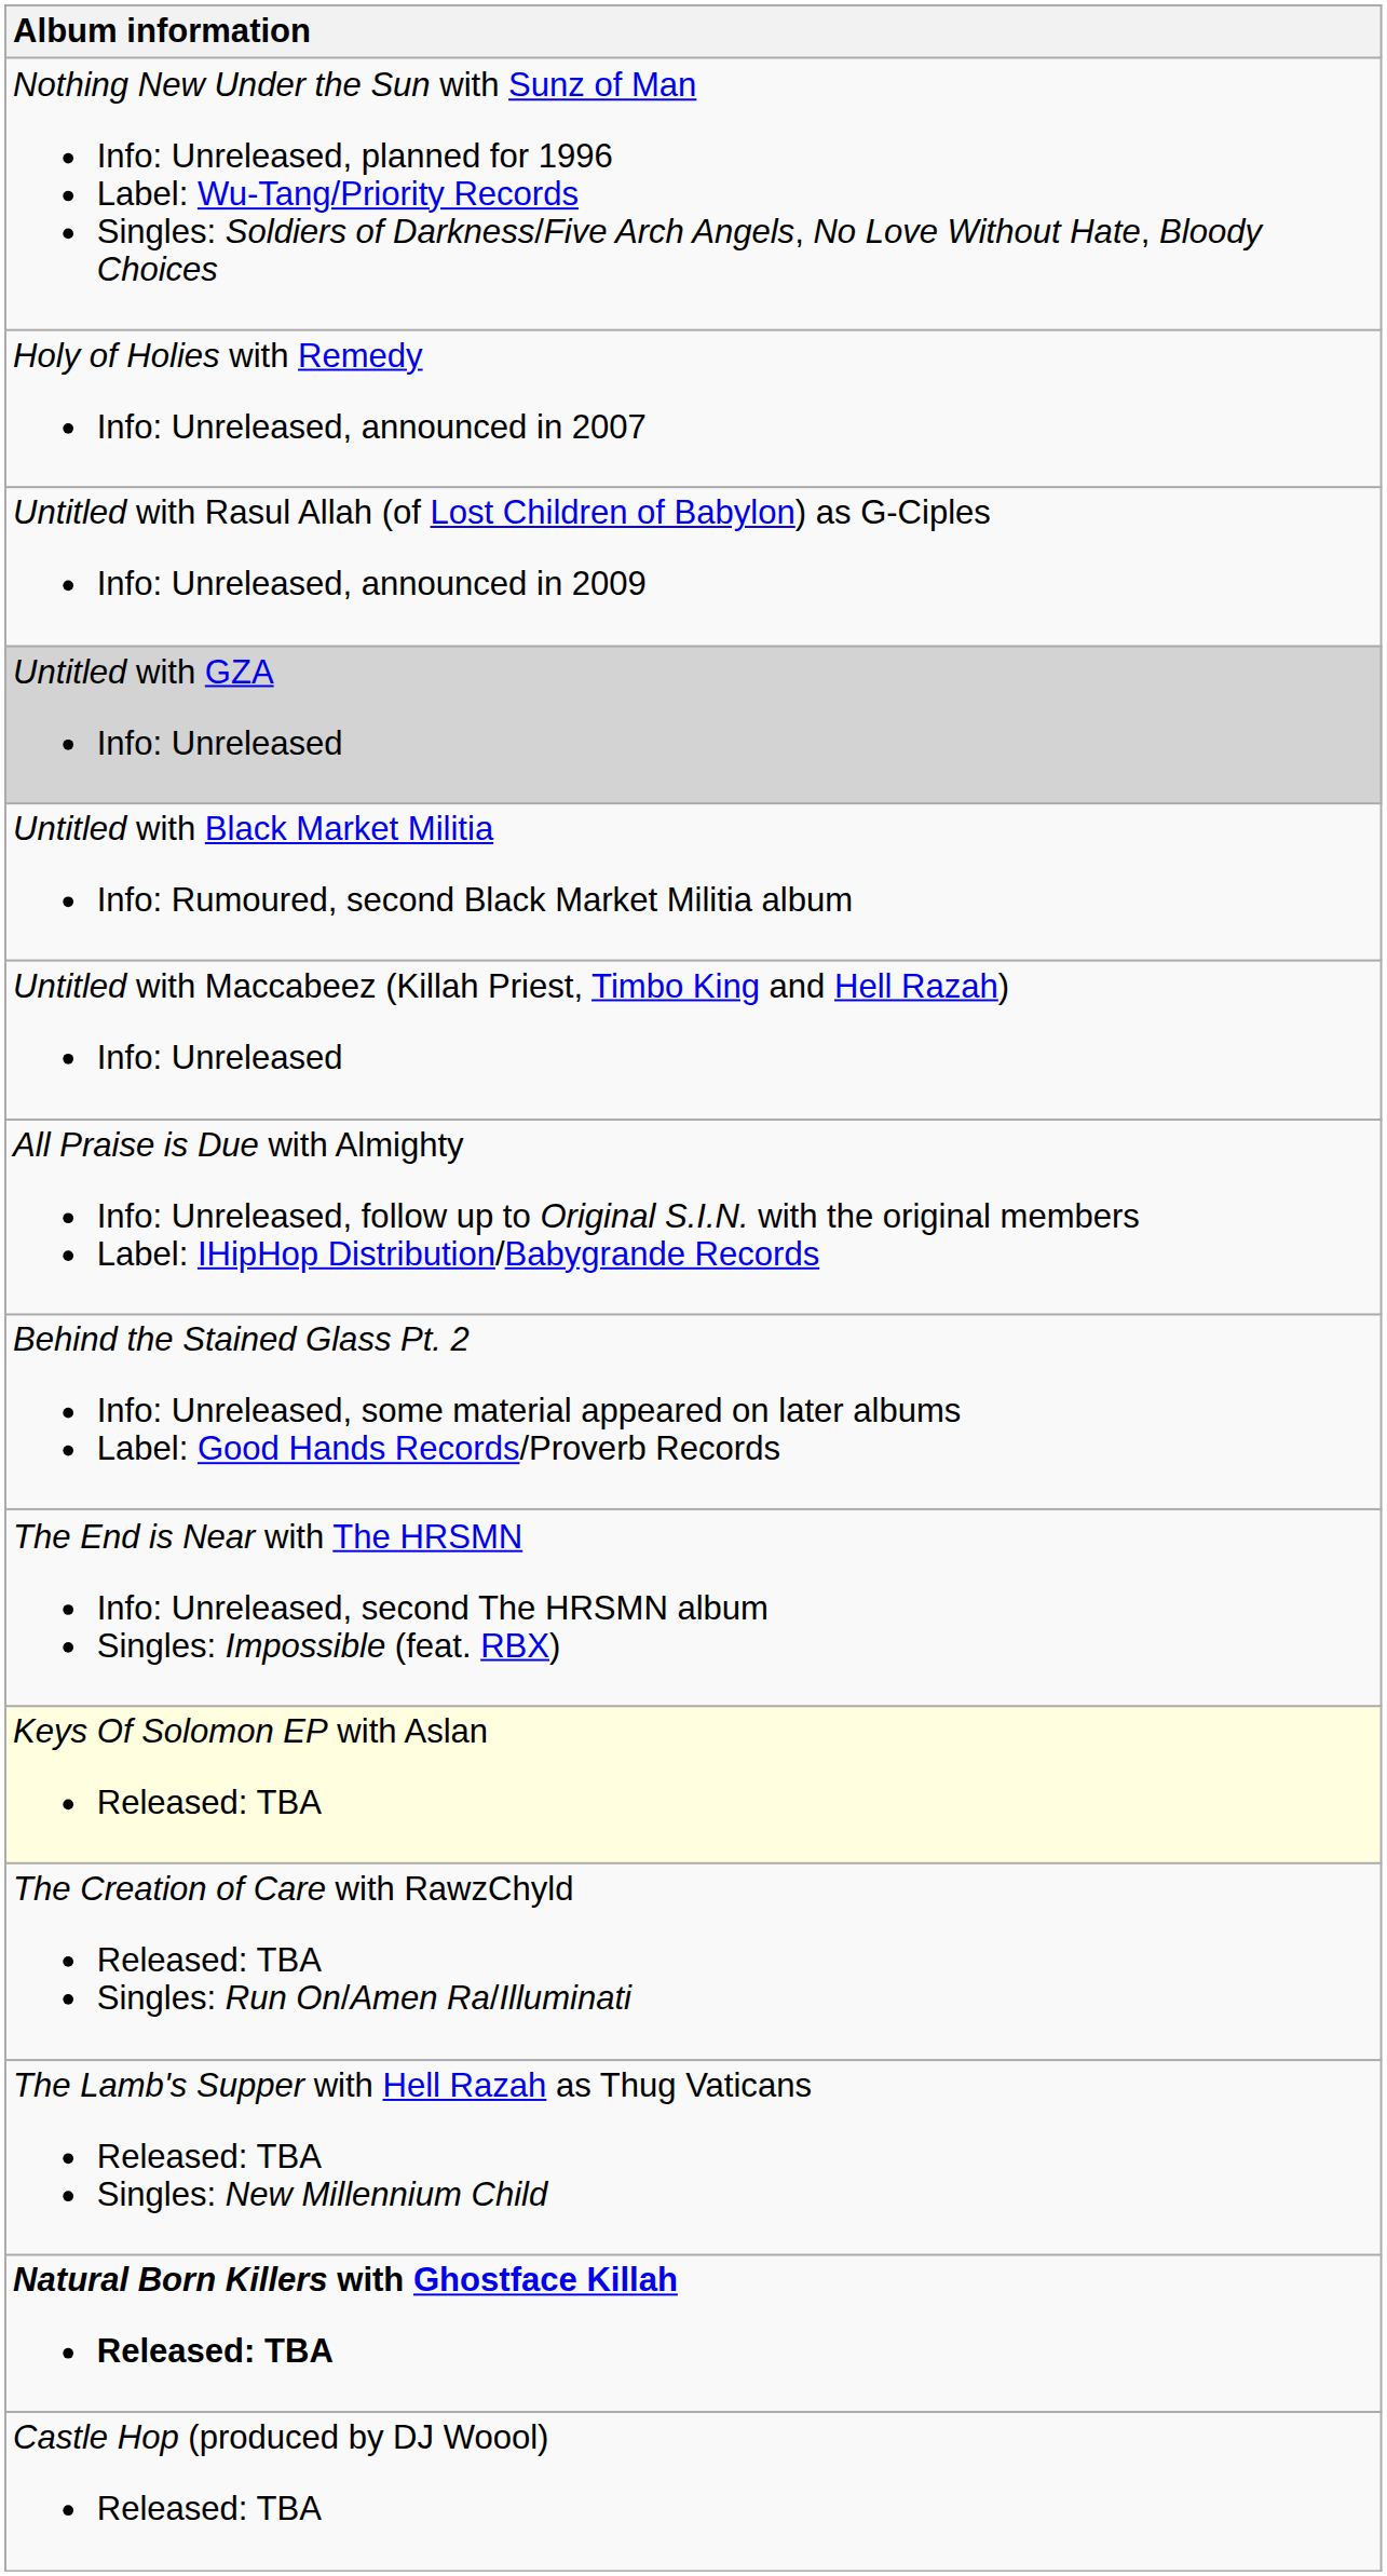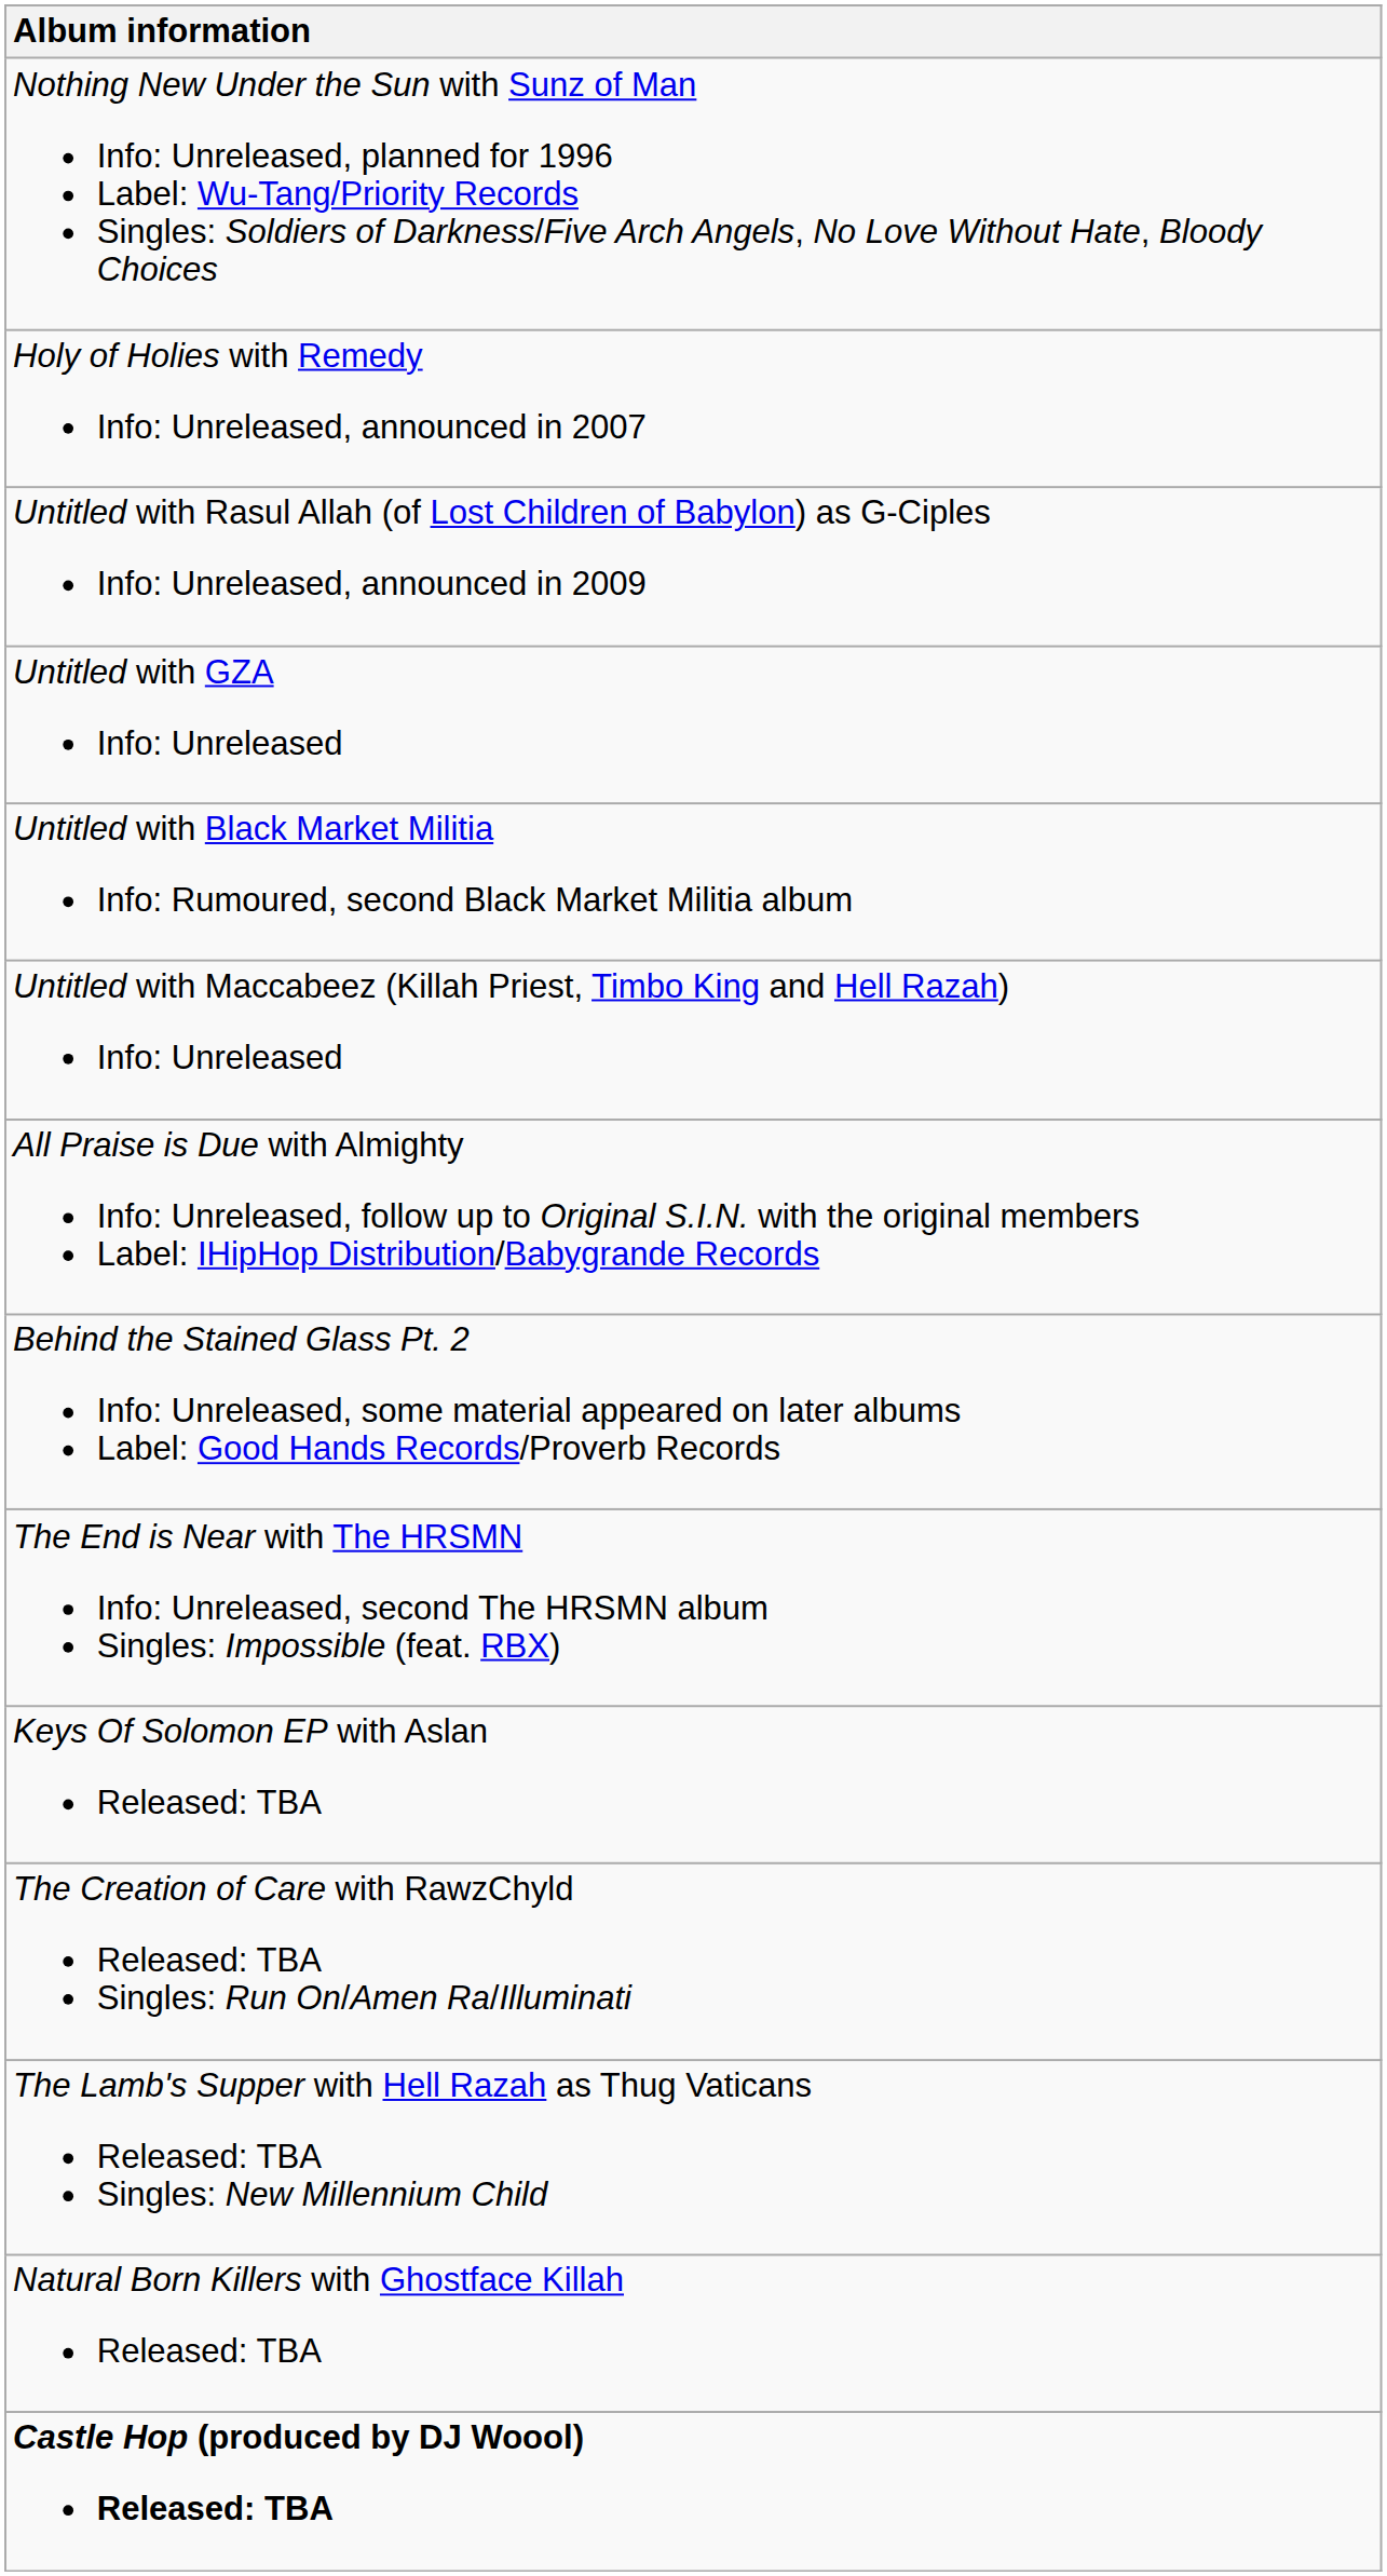 <table class="wikitable">
 <tr>
 <th style="text-align:left; width:650px;">Album information</th>
 </tr>
 <tr>
 <td align="left"><em>Nothing New Under the Sun</em> with <a href='#'>Sunz of Man</a><br><ul><li>Info: Unreleased, planned for 1996</li><li>Label: <a href='#'>Wu-Tang/Priority Records</a></li><li>Singles: <em>Soldiers of Darkness</em>/<em>Five Arch Angels</em>, <em>No Love Without Hate</em>, <em>Bloody Choices</em></li></ul></td>
 </tr>
 <tr>
 <td align="left"><em>Holy of Holies</em> with <a href='#'>Remedy</a><br><ul><li>Info: Unreleased, announced in 2007</li></ul></td>
 </tr>
 <tr>
 <td align="left"><em>Untitled</em> with Rasul Allah (of <a href='#'>Lost Children of Babylon</a>) as G-Ciples<br><ul><li>Info: Unreleased, announced in 2009</li></ul></td>
 </tr>
 <tr>
-<td align="left" style="background: lightgrey;"><em>Untitled</em> with <a href='#'>GZA</a><br><ul><li>Info: Unreleased</li></ul></td>
+<td align="left"><em>Untitled</em> with <a href='#'>GZA</a><br><ul><li>Info: Unreleased</li></ul></td>
 </tr>
 <tr>
 <td align="left"><em>Untitled</em> with <a href='#'>Black Market Militia</a><br><ul><li>Info: Rumoured, second Black Market Militia album</li></ul></td>
 </tr>
 <tr>
 <td align="left"><em>Untitled</em> with Maccabeez (Killah Priest, <a href='#'>Timbo King</a> and <a href='#'>Hell Razah</a>)<br><ul><li>Info: Unreleased</li></ul></td>
 </tr>
 <tr>
 <td align="left"><em>All Praise is Due</em> with Almighty<br><ul><li>Info: Unreleased, follow up to <em>Original S.I.N.</em> with the original members</li><li>Label: <a href='#'>IHipHop Distribution</a>/<a href='#'>Babygrande Records</a></li></ul></td>
 </tr>
 <tr>
 <td align="left"><em>Behind the Stained Glass Pt. 2</em><br><ul><li>Info: Unreleased, some material appeared on later albums</li><li>Label: <a href='#'>Good Hands Records</a>/Proverb Records</li></ul></td>
 </tr>
 <tr>
 <td align="left"><em>The End is Near</em> with <a href='#'>The HRSMN</a><br><ul><li>Info: Unreleased, second The HRSMN album</li><li>Singles: <em>Impossible</em> (feat. <a href='#'>RBX</a>)</li></ul></td>
 </tr>
 <tr>
-<td align="left" style="background: lightyellow;"><em>Keys Of Solomon EP</em> with Aslan<br><ul><li>Released: TBA</li></ul></td>
+<td align="left"><em>Keys Of Solomon EP</em> with Aslan<br><ul><li>Released: TBA</li></ul></td>
 </tr>
 <tr>
 <td align="left"><em>The Creation of Care</em> with RawzChyld<br><ul><li>Released: TBA</li><li>Singles: <em>Run On</em>/<em>Amen Ra</em>/<em>Illuminati</em></li></ul></td>
 </tr>
 <tr>
 <td align="left"><em>The Lamb's Supper</em> with <a href='#'>Hell Razah</a> as Thug Vaticans<br><ul><li>Released: TBA</li><li>Singles: <em>New Millennium Child</em></li></ul></td>
 </tr>
 <tr>
-<td><strong><em>Natural Born Killers</em> with <a href='#'>Ghostface Killah</a><br><ul><li>Released: TBA</li></ul></strong></td>
+<td><em>Natural Born Killers</em> with <a href='#'>Ghostface Killah</a><br><ul><li>Released: TBA</li></ul></td>
 </tr>
 <tr>
-<td><em>Castle Hop</em> (produced by DJ Woool)<br><ul><li>Released: TBA</li></ul></td>
+<td><strong><em>Castle Hop</em> (produced by DJ Woool)<br><ul><li>Released: TBA</li></ul></strong></td>
 </tr>
 </table>
